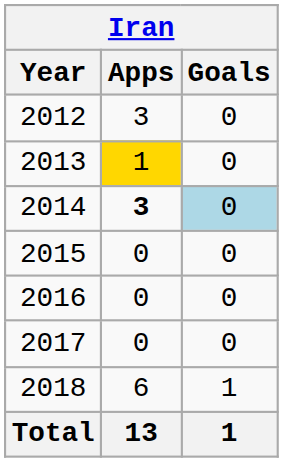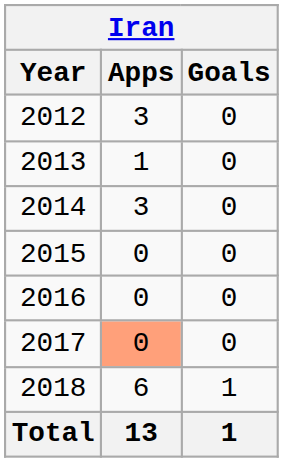 <table class="wikitable" style="text-align:center">
 <tr>
 <th colspan=3><a href='#'>Iran</a></th>
 </tr>
 <tr>
 <th>Year</th>
 <th>Apps</th>
 <th>Goals</th>
 </tr>
 <tr>
 <td>2012</td>
 <td>3</td>
 <td>0</td>
 </tr>
 <tr>
 <td>2013</td>
-<td style="background: gold;">1</td>
+<td>1</td>
 <td>0</td>
 </tr>
 <tr>
 <td>2014</td>
-<td><strong>3</strong></td>
-<td style="background: lightblue;">0</td>
+<td>3</td>
+<td>0</td>
 </tr>
 <tr>
 <td>2015</td>
 <td>0</td>
 <td>0</td>
 </tr>
 <tr>
 <td>2016</td>
 <td>0</td>
 <td>0</td>
 </tr>
 <tr>
 <td>2017</td>
-<td>0</td>
+<td style="background: lightsalmon;">0</td>
 <td>0</td>
 </tr>
 <tr>
 <td>2018</td>
 <td>6</td>
 <td>1</td>
 </tr>
 <tr>
 <th>Total</th>
 <th>13</th>
 <th>1</th>
 </tr>
 </table>
